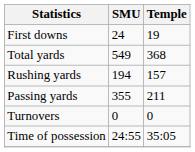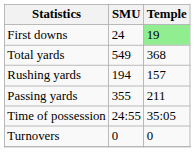 <table class="wikitable">
 <tr>
 <th>Statistics</th>
 <th>SMU</th>
 <th>Temple</th>
 </tr>
 <tr>
 <td>First downs</td>
 <td>24</td>
-<td>19</td>
+<td style="background: lightgreen;">19</td>
 </tr>
 <tr>
 <td>Total yards</td>
 <td>549</td>
 <td>368</td>
 </tr>
 <tr>
 <td>Rushing yards</td>
 <td>194</td>
 <td>157</td>
 </tr>
 <tr>
 <td>Passing yards</td>
 <td>355</td>
 <td>211</td>
 </tr>
 <tr>
+<td>Time of possession</td>
+<td>24:55</td>
+<td>35:05</td>
+</tr>
+<tr>
 <td>Turnovers</td>
 <td>0</td>
 <td>0</td>
 </tr>
 <tr>
-<td>Time of possession</td>
-<td>24:55</td>
-<td>35:05</td>
-</tr>
-<tr>
 </tr>
 </table>
